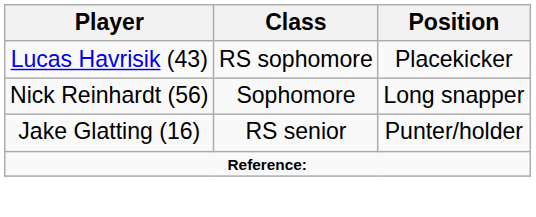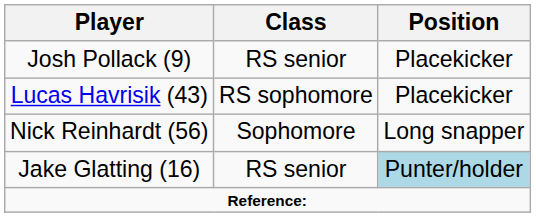 <table class="wikitable" style="text-align: center">
 <tr align=center>
 <th>Player</th>
 <th>Class</th>
 <th>Position</th>
+</tr>
+<tr>
+<td>Josh Pollack (9)</td>
+<td>RS senior</td>
+<td>Placekicker</td>
 </tr>
 <tr>
 <td><a href='#'>Lucas Havrisik</a> (43)</td>
 <td>RS sophomore</td>
 <td>Placekicker</td>
 </tr>
 <tr>
 <td>Nick Reinhardt (56)</td>
 <td>Sophomore</td>
 <td>Long snapper</td>
 </tr>
 <tr>
 <td>Jake Glatting (16)</td>
 <td>RS senior</td>
-<td>Punter/holder</td>
+<td style="background: lightblue;">Punter/holder</td>
 </tr>
 <tr>
 <td colspan="3"  style="font-size:8pt; text-align:center;"><strong>Reference:</strong></td>
 </tr>
 </table>
